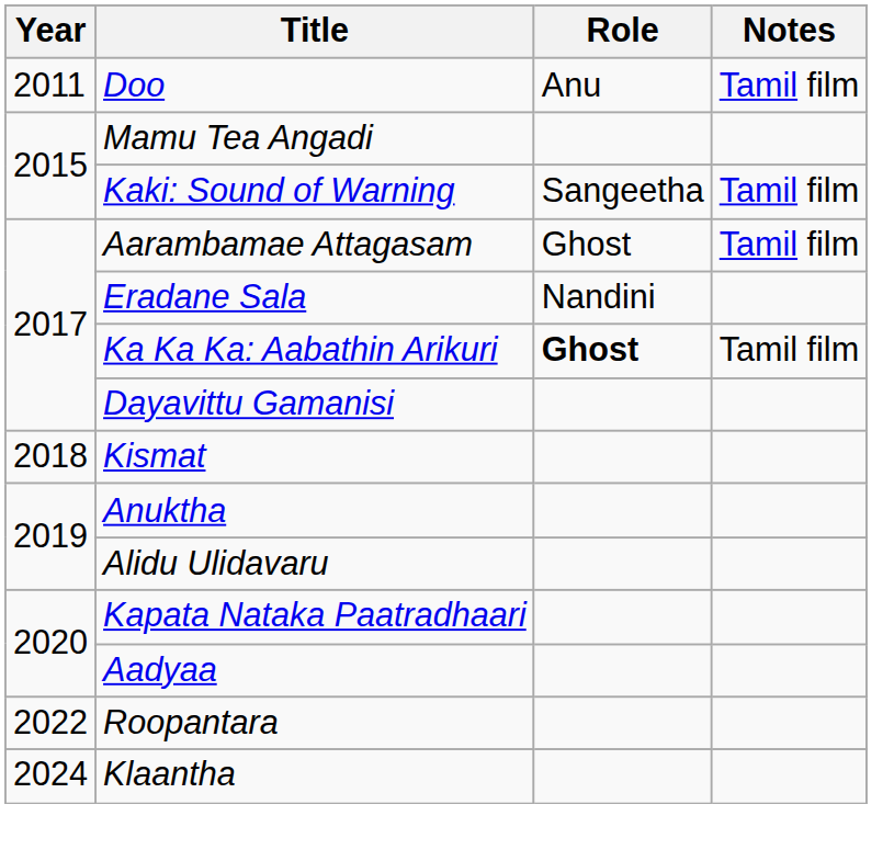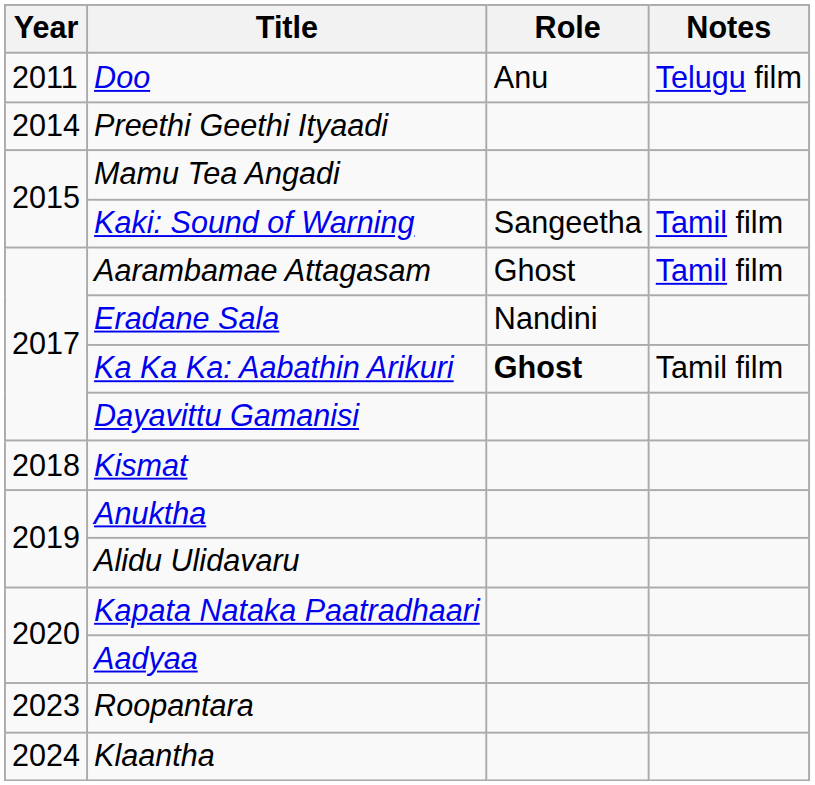 <table class="wikitable sortable">
 <tr style="background :#ccc; text align:center;">
 <th>Year</th>
 <th>Title</th>
 <th>Role</th>
 <th>Notes</th>
 </tr>
 <tr>
 <td>2011</td>
 <td><em><a href='#'>Doo</a></em></td>
 <td>Anu</td>
-<td><a href='#'>Tamil</a> film</td>
+<td><a href='#'>Telugu</a> film</td>
+</tr>
+<tr>
+<td>2014</td>
+<td><em>Preethi Geethi Ityaadi</em></td>
+<td></td>
+<td></td>
 </tr>
 <tr>
 <td rowspan="2">2015</td>
 <td><em>Mamu Tea Angadi</em></td>
 <td></td>
 <td></td>
 </tr>
 <tr>
 <td><em><a href='#'>Kaki: Sound of Warning</a></em></td>
 <td>Sangeetha</td>
 <td><a href='#'>Tamil</a> film</td>
 </tr>
 <tr>
 <td rowspan="4">2017</td>
 <td><em>Aarambamae Attagasam</em></td>
 <td>Ghost</td>
 <td><a href='#'>Tamil</a> film</td>
 </tr>
 <tr>
 <td><em><a href='#'>Eradane Sala</a></em></td>
 <td>Nandini</td>
 <td></td>
 </tr>
 <tr>
 <td><em><a href='#'>Ka Ka Ka: Aabathin Arikuri</a></em></td>
 <td><strong>Ghost</strong></td>
 <td>Tamil film</td>
 </tr>
 <tr>
 <td><em><a href='#'>Dayavittu Gamanisi</a></em></td>
 <td></td>
 <td></td>
 </tr>
 <tr>
 <td>2018</td>
 <td><em><a href='#'>Kismat</a></em></td>
 <td></td>
 <td></td>
 </tr>
 <tr>
 <td rowspan="2">2019</td>
 <td><em><a href='#'>Anuktha</a></em></td>
 <td></td>
 <td></td>
 </tr>
 <tr>
 <td><em>Alidu Ulidavaru</em></td>
 <td></td>
 <td></td>
 </tr>
 <tr>
 <td rowspan="2">2020</td>
 <td><em><a href='#'>Kapata Nataka Paatradhaari</a></em></td>
 <td></td>
 <td></td>
 </tr>
 <tr>
 <td><em><a href='#'>Aadyaa</a></em></td>
 <td></td>
 <td></td>
 </tr>
 <tr>
-<td>2022</td>
+<td>2023</td>
 <td><em>Roopantara</em></td>
 <td></td>
 <td></td>
 </tr>
 <tr>
 <td>2024</td>
 <td><em>Klaantha</em></td>
 <td></td>
 <td></td>
 </tr>
 </table>
